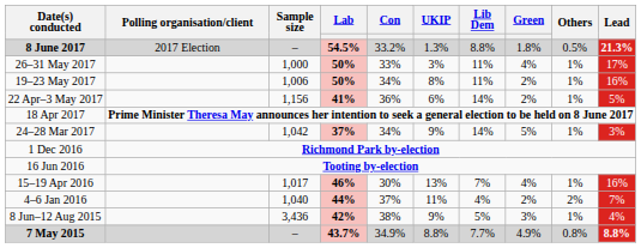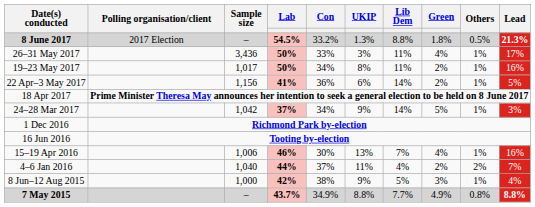 <table class="wikitable sortable mw-datatable" style="text-align:center;font-size:90%;line-height:14px;">
 <tr>
 <th rowspan="2">Date(s)<br>conducted</th>
 <th rowspan="2">Polling organisation/client</th>
 <th rowspan="2">Sample<br>size</th>
 <th style="width:50px;" class="unsortable"><a href='#'>Lab</a></th>
 <th style="width:50px;" class="unsortable"><a href='#'>Con</a></th>
 <th style="width:50px;" class="unsortable"><a href='#'>UKIP</a></th>
 <th style="width:50px;" class="unsortable"><a href='#'>Lib Dem</a></th>
 <th style="width:50px;" class="unsortable"><a href='#'>Green</a></th>
 <th style="width:50px;" rowspan="2" class="unsortable">Others</th>
 <th class="unsortable" style="width:20px;" rowspan="2">Lead</th>
 </tr>
 <tr>
 <th class="unsortable" style="color:inherit;background:"></th>
 <th class="unsortable" style="color:inherit;background:"></th>
 <th class="unsortable" style="color:inherit;background:"></th>
 <th class="unsortable" style="color:inherit;background:"></th>
 <th class="unsortable" style="color:inherit;background:"></th>
 </tr>
 <tr>
 <td style="background:#D5D5D5"><strong>8 June 2017</strong></td>
 <td style="background:#D5D5D5">2017 Election</td>
 <td style="background:#D5D5D5">–</td>
 <td style="background:#F8C1BE"><strong>54.5%</strong></td>
 <td style="background:#D5D5D5">33.2%</td>
 <td style="background:#D5D5D5">1.3%</td>
 <td style="background:#D5D5D5">8.8%</td>
 <td style="background:#D5D5D5">1.8%</td>
 <td style="background:#D5D5D5">0.5%</td>
 <td style="background:#dc241f; color:white;"><strong>21.3%</strong></td>
 </tr>
 <tr>
 <td>26–31 May 2017</td>
 <td></td>
-<td>1,000</td>
+<td>3,436</td>
 <td style="background:#F8C1BE"><strong>50%</strong></td>
 <td>33%</td>
 <td>3%</td>
 <td>11%</td>
 <td>4%</td>
 <td>1%</td>
 <td style="background:#dc241f; color:white;">17%</td>
 </tr>
 <tr>
 <td>19–23 May 2017</td>
 <td></td>
-<td>1,006</td>
+<td>1,017</td>
 <td style="background:#F8C1BE"><strong>50%</strong></td>
 <td>34%</td>
 <td>8%</td>
 <td>11%</td>
 <td>2%</td>
 <td>1%</td>
 <td style="background:#dc241f; color:white;">16%</td>
 </tr>
 <tr>
 <td>22 Apr–3 May 2017</td>
 <td></td>
 <td>1,156</td>
 <td style="background:#F8C1BE"><strong>41%</strong></td>
 <td>36%</td>
 <td>6%</td>
 <td>14%</td>
 <td>2%</td>
 <td>1%</td>
 <td style="background:#dc241f; color:white;">5%</td>
 </tr>
 <tr>
 <td>18 Apr 2017</td>
 <td colspan="10"><strong>Prime Minister <a href='#'>Theresa May</a> announces her intention to seek a general election to be held on 8 June 2017</strong></td>
 </tr>
 <tr>
 <td>24–28 Mar 2017</td>
 <td></td>
 <td>1,042</td>
 <td style="background:#F8C1BE"><strong>37%</strong></td>
 <td>34%</td>
 <td>9%</td>
 <td>14%</td>
 <td>5%</td>
 <td>1%</td>
 <td style="background:#dc241f; color:white;">3%</td>
 </tr>
 <tr>
 <td>1 Dec 2016</td>
 <td colspan="10"><strong><a href='#'>Richmond Park by-election</a></strong></td>
 </tr>
 <tr>
 <td>16 Jun 2016</td>
 <td colspan="10"><strong><a href='#'>Tooting by-election</a></strong></td>
 </tr>
 <tr>
 <td>15–19 Apr 2016</td>
 <td></td>
-<td>1,017</td>
+<td>1,006</td>
 <td style="background:#F8C1BE"><strong>46%</strong></td>
 <td>30%</td>
 <td>13%</td>
 <td>7%</td>
 <td>4%</td>
 <td>1%</td>
 <td style="background:#dc241f; color:white;">16%</td>
 </tr>
 <tr>
 <td>4–6 Jan 2016</td>
 <td></td>
 <td>1,040</td>
 <td style="background:#F8C1BE"><strong>44%</strong></td>
 <td>37%</td>
 <td>11%</td>
 <td>4%</td>
 <td>2%</td>
 <td>2%</td>
 <td style="background:#dc241f; color:white;">7%</td>
 </tr>
 <tr>
 <td>8 Jun–12 Aug 2015</td>
 <td></td>
-<td>3,436</td>
+<td>1,000</td>
 <td style="background:#F8C1BE"><strong>42%</strong></td>
 <td>38%</td>
 <td>9%</td>
 <td>5%</td>
 <td>3%</td>
 <td>1%</td>
 <td style="background:#dc241f; color:white;">4%</td>
 </tr>
 <tr>
 <td style="background:#D5D5D5"><strong>7 May 2015</strong></td>
 <td style="background:#D5D5D5"></td>
 <td style="background:#D5D5D5">–</td>
 <td style="background:#F8C1BE"><strong>43.7%</strong></td>
 <td style="background:#D5D5D5">34.9%</td>
 <td style="background:#D5D5D5">8.8%</td>
 <td style="background:#D5D5D5">7.7%</td>
 <td style="background:#D5D5D5">4.9%</td>
 <td style="background:#D5D5D5">0.8%</td>
 <td style="background:#dc241f; color:white;"><strong>8.8%</strong></td>
 </tr>
 </table>
